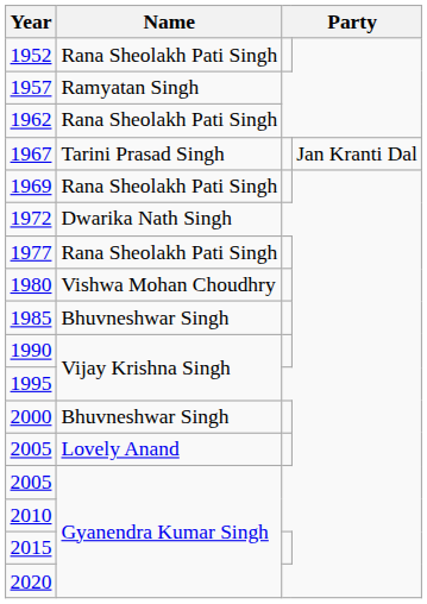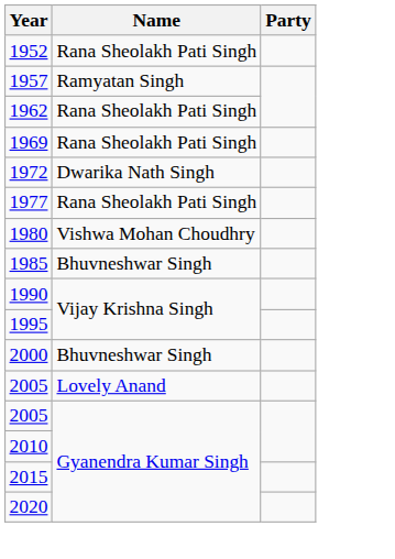 <table class="wikitable sortable">
 <tr>
 <th>Year</th>
 <th>Name</th>
 <th colspan="2">Party</th>
 </tr>
 <tr>
 <td><a href='#'>1952</a></td>
 <td>Rana Sheolakh Pati Singh</td>
 <td></td>
 </tr>
 <tr>
 <td><a href='#'>1957</a></td>
 <td>Ramyatan Singh</td>
 </tr>
 <tr>
 <td><a href='#'>1962</a></td>
 <td>Rana Sheolakh Pati Singh</td>
-</tr>
-<tr>
-<td><a href='#'>1967</a></td>
-<td>Tarini Prasad Singh</td>
-<td style="background-color:"></td>
-<td>Jan Kranti Dal</td>
 </tr>
 <tr>
 <td><a href='#'>1969</a></td>
 <td>Rana Sheolakh Pati Singh</td>
 <td></td>
 </tr>
 <tr>
 <td><a href='#'>1972</a></td>
 <td>Dwarika Nath Singh</td>
 </tr>
 <tr>
 <td><a href='#'>1977</a></td>
 <td>Rana Sheolakh Pati Singh</td>
 <td></td>
 </tr>
 <tr>
 <td><a href='#'>1980</a></td>
 <td>Vishwa Mohan Choudhry</td>
 <td></td>
 </tr>
 <tr>
 <td><a href='#'>1985</a></td>
 <td>Bhuvneshwar Singh</td>
 <td></td>
 </tr>
 <tr>
 <td><a href='#'>1990</a></td>
 <td rowspan="2">Vijay Krishna Singh</td>
 <td></td>
 </tr>
 <tr>
 <td><a href='#'>1995</a></td>
 </tr>
 <tr>
 <td><a href='#'>2000</a></td>
 <td>Bhuvneshwar Singh</td>
 <td></td>
 </tr>
 <tr>
 <td><a href='#'>2005</a></td>
 <td><a href='#'>Lovely Anand</a></td>
 <td></td>
 </tr>
 <tr>
 <td><a href='#'>2005</a></td>
 <td rowspan="4"><a href='#'>Gyanendra Kumar Singh</a></td>
 </tr>
 <tr>
 <td><a href='#'>2010</a></td>
 </tr>
 <tr>
 <td><a href='#'>2015</a></td>
 <td></td>
 </tr>
 <tr>
 <td><a href='#'>2020</a></td>
 </tr>
 </table>
